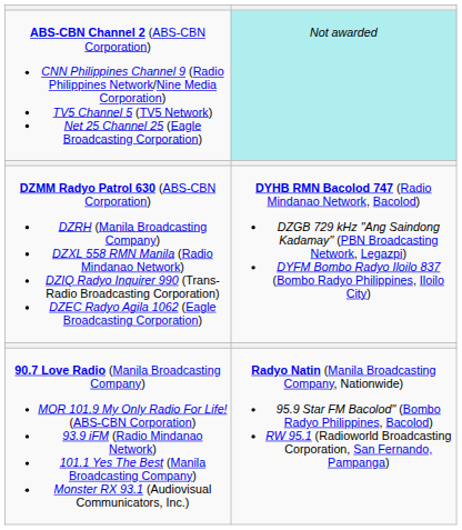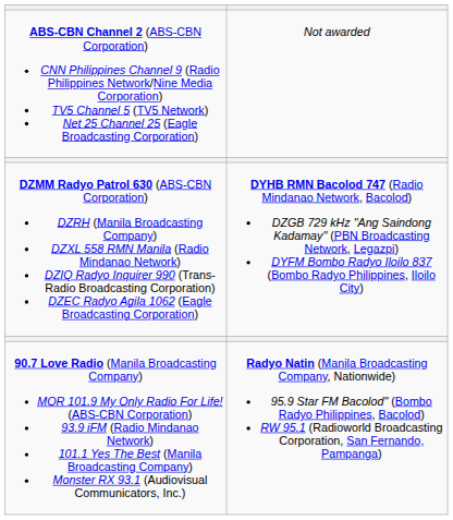 <table class=wikitable style="text-align:center;">
 <tr>
 <th></th>
 <th></th>
 </tr>
 <tr>
 <td valign="top" width="50%"><br><strong><a href='#'>ABS-CBN Channel 2</a></strong> (<a href='#'>ABS-CBN Corporation</a>)<ul><li><em><a href='#'>CNN Philippines Channel 9</a></em> (<a href='#'>Radio Philippines Network</a>/<a href='#'>Nine Media Corporation</a>)</li><li><em><a href='#'>TV5 Channel 5</a></em> (<a href='#'>TV5 Network</a>)</li><li><em><a href='#'>Net 25 Channel 25</a></em> (<a href='#'>Eagle Broadcasting Corporation</a>)</li></ul></td>
-<td valign="top" width="50%" style="background: paleturquoise;"><br><em>Not awarded</em></td>
+<td valign="top" width="50%"><br><em>Not awarded</em></td>
 </tr>
 <tr>
 <th></th>
 <th></th>
 </tr>
 <tr>
 <td valign="top" width="50%"><br><strong><a href='#'>DZMM Radyo Patrol 630</a></strong> (<a href='#'>ABS-CBN Corporation</a>)<ul><li><em><a href='#'>DZRH</a></em> (<a href='#'>Manila Broadcasting Company</a>)</li><li><em><a href='#'>DZXL 558 RMN Manila</a></em> (<a href='#'>Radio Mindanao Network</a>)</li><li><em><a href='#'>DZIQ Radyo Inquirer 990</a></em> (Trans-Radio Broadcasting Corporation)</li><li><em><a href='#'>DZEC Radyo Agila 1062</a></em> (<a href='#'>Eagle Broadcasting Corporation</a>)</li></ul></td>
 <td valign="top" width="50%"><br><strong><a href='#'>DYHB RMN Bacolod 747</a></strong> (<a href='#'>Radio Mindanao Network</a>, <a href='#'>Bacolod</a>)<ul><li><em>DZGB 729 kHz "Ang Saindong Kadamay"</em> (<a href='#'>PBN Broadcasting Network</a>, <a href='#'>Legazpi</a>)</li><li><em><a href='#'>DYFM Bombo Radyo Iloilo 837</a></em> (<a href='#'>Bombo Radyo Philippines</a>, <a href='#'>Iloilo City</a>)</li></ul></td>
 </tr>
 <tr>
 <th></th>
 <th></th>
 </tr>
 <tr>
 <td valign="top" width="50%"><br><strong><a href='#'>90.7 Love Radio</a></strong> (<a href='#'>Manila Broadcasting Company</a>)<ul><li><em><a href='#'>MOR 101.9 My Only Radio For Life!</a></em> (<a href='#'>ABS-CBN Corporation</a>)</li><li><em><a href='#'>93.9 iFM</a></em> (<a href='#'>Radio Mindanao Network</a>)</li><li><em><a href='#'>101.1 Yes The Best</a></em> (<a href='#'>Manila Broadcasting Company</a>)</li><li><em><a href='#'>Monster RX 93.1</a></em> (Audiovisual Communicators, Inc.)</li></ul></td>
 <td valign="top" width="50%"><br><strong><a href='#'>Radyo Natin</a></strong> (<a href='#'>Manila Broadcasting Company</a>, Nationwide)<ul><li><em>95.9 Star FM Bacolod"</em> (<a href='#'>Bombo Radyo Philippines</a>, <a href='#'>Bacolod</a>)</li><li><em><a href='#'>RW 95.1</a></em> (Radioworld Broadcasting Corporation, <a href='#'>San Fernando, Pampanga</a>)</li></ul></td>
 </tr>
 </table>
